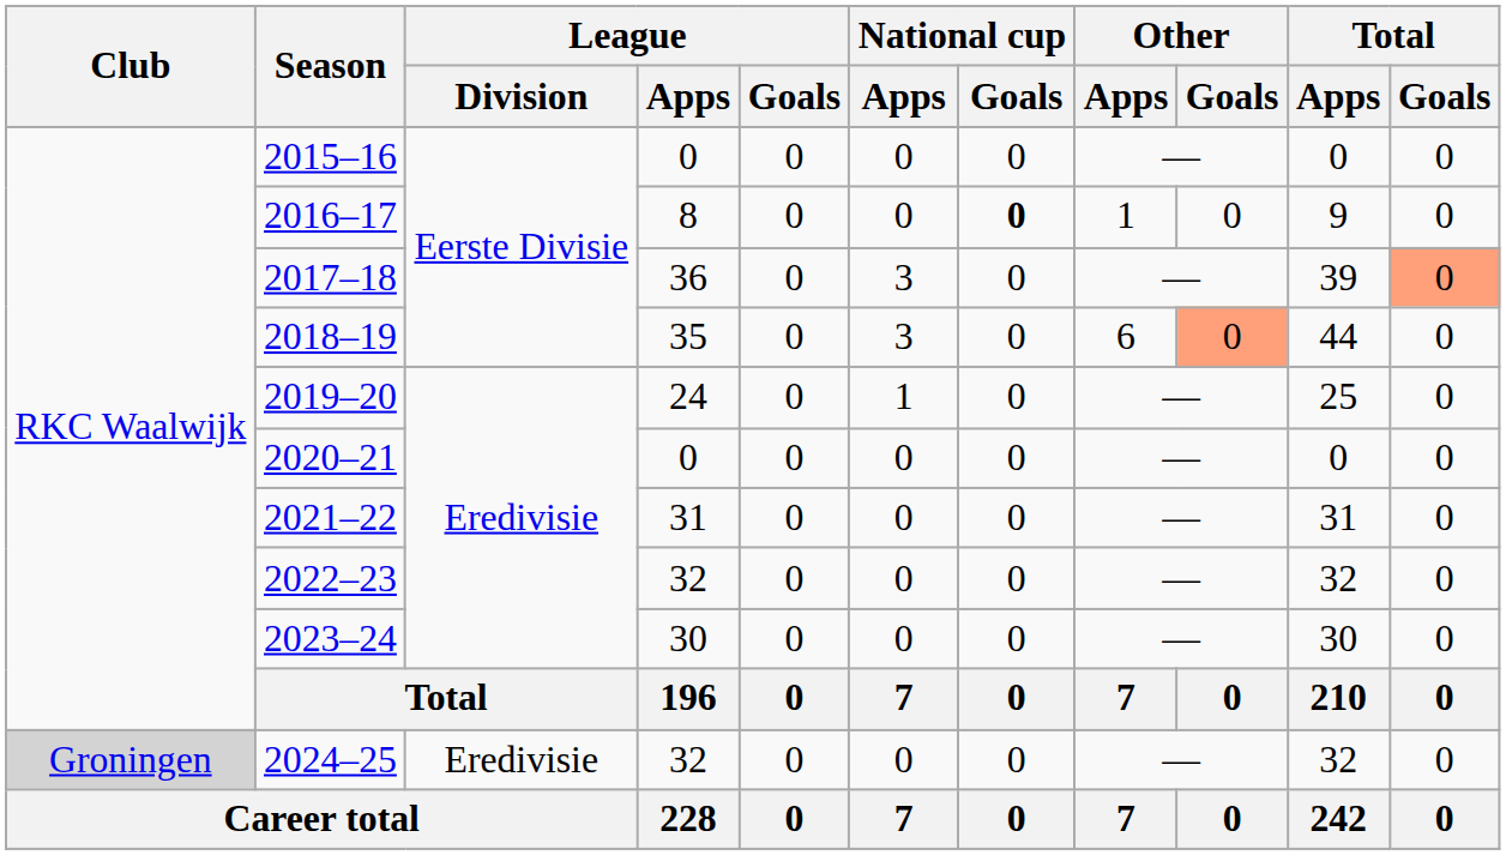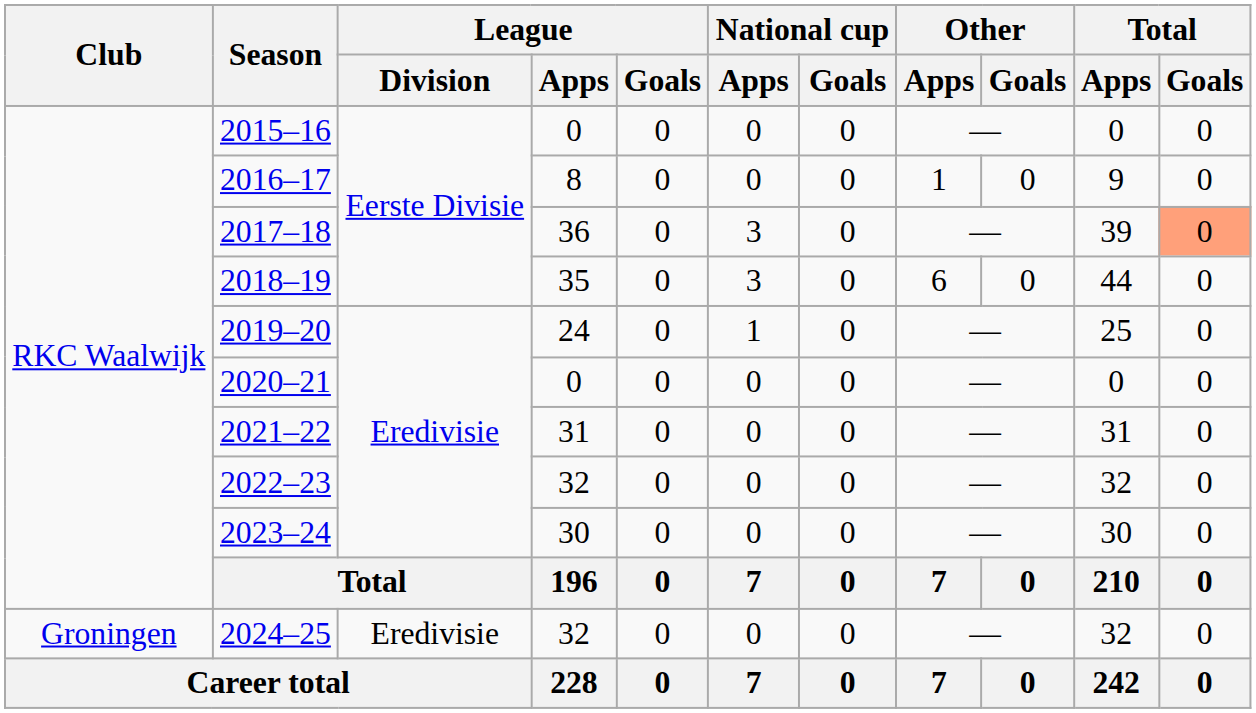 <table class="wikitable" style="text-align: center">
 <tr>
 <th rowspan="2">Club</th>
 <th rowspan="2">Season</th>
 <th colspan="3">League</th>
 <th colspan="2">National cup</th>
 <th colspan="2">Other</th>
 <th colspan="2">Total</th>
 </tr>
 <tr>
 <th>Division</th>
 <th>Apps</th>
 <th>Goals</th>
 <th>Apps</th>
 <th>Goals</th>
 <th>Apps</th>
 <th>Goals</th>
 <th>Apps</th>
 <th>Goals</th>
 </tr>
 <tr>
 <td rowspan="10"><a href='#'>RKC Waalwijk</a></td>
 <td><a href='#'>2015–16</a></td>
 <td rowspan="4"><a href='#'>Eerste Divisie</a></td>
 <td>0</td>
 <td>0</td>
 <td>0</td>
 <td>0</td>
 <td colspan="2">—</td>
 <td>0</td>
 <td>0</td>
 </tr>
 <tr>
 <td><a href='#'>2016–17</a></td>
 <td>8</td>
 <td>0</td>
 <td>0</td>
-<td><strong>0</strong></td>
+<td>0</td>
 <td>1</td>
 <td>0</td>
 <td>9</td>
 <td>0</td>
 </tr>
 <tr>
 <td><a href='#'>2017–18</a></td>
 <td>36</td>
 <td>0</td>
 <td>3</td>
 <td>0</td>
 <td colspan="2">—</td>
 <td>39</td>
 <td style="background: lightsalmon;">0</td>
 </tr>
 <tr>
 <td><a href='#'>2018–19</a></td>
 <td>35</td>
 <td>0</td>
 <td>3</td>
 <td>0</td>
 <td>6</td>
-<td style="background: lightsalmon;">0</td>
+<td>0</td>
 <td>44</td>
 <td>0</td>
 </tr>
 <tr>
 <td><a href='#'>2019–20</a></td>
 <td rowspan="5"><a href='#'>Eredivisie</a></td>
 <td>24</td>
 <td>0</td>
 <td>1</td>
 <td>0</td>
 <td colspan="2">—</td>
 <td>25</td>
 <td>0</td>
 </tr>
 <tr>
 <td><a href='#'>2020–21</a></td>
 <td>0</td>
 <td>0</td>
 <td>0</td>
 <td>0</td>
 <td colspan="2">—</td>
 <td>0</td>
 <td>0</td>
 </tr>
 <tr>
 <td><a href='#'>2021–22</a></td>
 <td>31</td>
 <td>0</td>
 <td>0</td>
 <td>0</td>
 <td colspan="2">—</td>
 <td>31</td>
 <td>0</td>
 </tr>
 <tr>
 <td><a href='#'>2022–23</a></td>
 <td>32</td>
 <td>0</td>
 <td>0</td>
 <td>0</td>
 <td colspan="2">—</td>
 <td>32</td>
 <td>0</td>
 </tr>
 <tr>
 <td><a href='#'>2023–24</a></td>
 <td>30</td>
 <td>0</td>
 <td>0</td>
 <td>0</td>
 <td colspan="2">—</td>
 <td>30</td>
 <td>0</td>
 </tr>
 <tr>
 <th colspan="2">Total</th>
 <th>196</th>
 <th>0</th>
 <th>7</th>
 <th>0</th>
 <th>7</th>
 <th>0</th>
 <th>210</th>
 <th>0</th>
 </tr>
 <tr>
-<td style="background: lightgrey;"><a href='#'>Groningen</a></td>
+<td><a href='#'>Groningen</a></td>
 <td><a href='#'>2024–25</a></td>
 <td>Eredivisie</td>
 <td>32</td>
 <td>0</td>
 <td>0</td>
 <td>0</td>
 <td colspan="2">—</td>
 <td>32</td>
 <td>0</td>
 </tr>
 <tr>
 <th colspan="3">Career total</th>
 <th>228</th>
 <th>0</th>
 <th>7</th>
 <th>0</th>
 <th>7</th>
 <th>0</th>
 <th>242</th>
 <th>0</th>
 </tr>
 </table>
